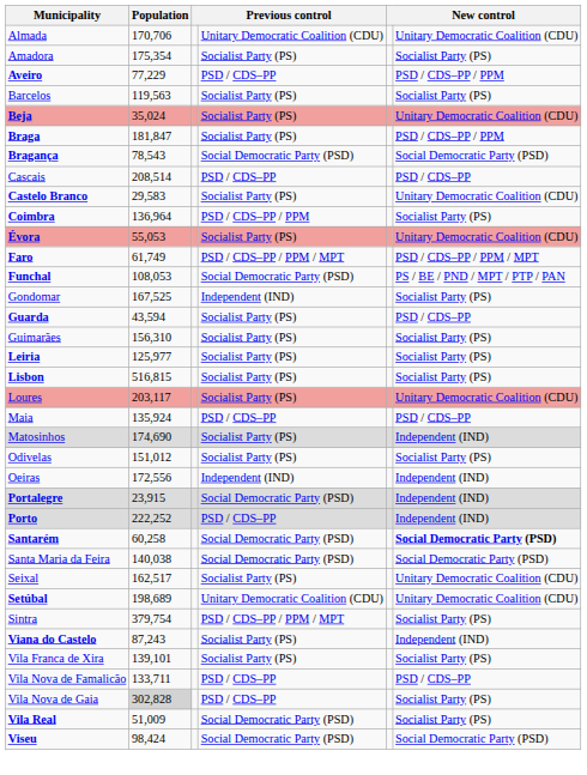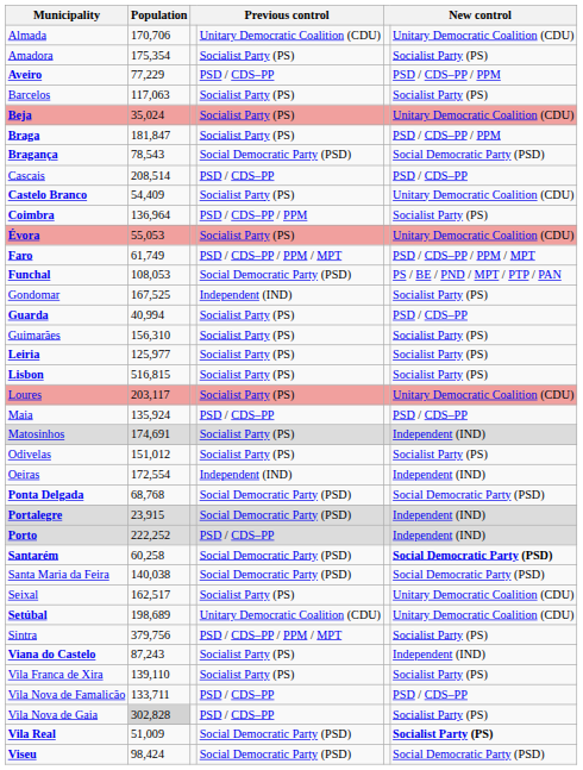 <table class="wikitable sortable" style="font-size:95%;">
 <tr>
 <th>Municipality</th>
 <th>Population</th>
 <th colspan="2" style="width:200px;">Previous control</th>
 <th colspan="2" style="width:200px;">New control</th>
 </tr>
 <tr>
 <td><a href='#'>Almada</a></td>
 <td>170,706</td>
 <td width="1" style="color:inherit;background:"></td>
 <td><a href='#'>Unitary Democratic Coalition</a> (CDU)</td>
 <td width="1" style="color:inherit;background:"></td>
 <td><a href='#'>Unitary Democratic Coalition</a> (CDU)</td>
 </tr>
 <tr>
 <td><a href='#'>Amadora</a></td>
 <td>175,354</td>
 <td width="1" style="color:inherit;background:"></td>
 <td><a href='#'>Socialist Party</a> (PS)</td>
 <td width="1" style="color:inherit;background:"></td>
 <td><a href='#'>Socialist Party</a> (PS)</td>
 </tr>
 <tr>
 <td><a href='#'><strong>Aveiro</strong></a></td>
 <td>77,229</td>
 <td width="1" style="color:inherit;background:"></td>
 <td><a href='#'>PSD</a> / <a href='#'>CDS–PP</a></td>
 <td width="1" style="color:inherit;background:"></td>
 <td><a href='#'>PSD</a> / <a href='#'>CDS–PP</a> / <a href='#'>PPM</a></td>
 </tr>
 <tr>
 <td><a href='#'>Barcelos</a></td>
-<td>119,563</td>
+<td>117,063</td>
 <td width="1" style="color:inherit;background:"></td>
 <td><a href='#'>Socialist Party</a> (PS)</td>
 <td width="1" style="color:inherit;background:"></td>
 <td><a href='#'>Socialist Party</a> (PS)</td>
 </tr>
 <tr style="background-color:#F1A09E">
 <td><a href='#'><strong>Beja</strong></a></td>
 <td>35,024</td>
 <td width="1" style="color:inherit;background:"></td>
 <td><a href='#'>Socialist Party</a> (PS)</td>
 <td width="1" style="color:inherit;background:"></td>
 <td><a href='#'>Unitary Democratic Coalition</a> (CDU)</td>
 </tr>
 <tr>
 <td><strong><a href='#'>Braga</a></strong></td>
 <td>181,847</td>
 <td width="1" style="color:inherit;background:"></td>
 <td><a href='#'>Socialist Party</a> (PS)</td>
 <td width="1" style="color:inherit;background:"></td>
 <td><a href='#'>PSD</a> / <a href='#'>CDS–PP</a> / <a href='#'>PPM</a></td>
 </tr>
 <tr>
 <td><a href='#'><strong>Bragança</strong></a></td>
 <td>78,543</td>
 <td width="1" style="color:inherit;background:"></td>
 <td><a href='#'>Social Democratic Party</a> (PSD)</td>
 <td width="1" style="color:inherit;background:"></td>
 <td><a href='#'>Social Democratic Party</a> (PSD)</td>
 </tr>
 <tr>
 <td><a href='#'>Cascais</a></td>
 <td>208,514</td>
 <td width="1" style="color:inherit;background:"></td>
 <td><a href='#'>PSD</a> / <a href='#'>CDS–PP</a></td>
 <td width="1" style="color:inherit;background:"></td>
 <td><a href='#'>PSD</a> / <a href='#'>CDS–PP</a></td>
 </tr>
 <tr>
 <td><a href='#'><strong>Castelo Branco</strong></a></td>
-<td>29,583</td>
+<td>54,409</td>
 <td width="1" style="color:inherit;background:"></td>
 <td><a href='#'>Socialist Party</a> (PS)</td>
 <td width="1" style="color:inherit;background:"></td>
 <td><a href='#'>Unitary Democratic Coalition</a> (CDU)</td>
 </tr>
 <tr>
 <td><strong><a href='#'>Coimbra</a></strong></td>
 <td>136,964</td>
 <td width="1" style="color:inherit;background:"></td>
 <td><a href='#'>PSD</a> / <a href='#'>CDS–PP</a> / <a href='#'>PPM</a></td>
 <td width="1" style="color:inherit;background:"></td>
 <td><a href='#'>Socialist Party</a> (PS)</td>
 </tr>
 <tr style="background-color:#F1A09E">
 <td><strong><a href='#'>Évora</a></strong></td>
 <td>55,053</td>
 <td width="1" style="color:inherit;background:"></td>
 <td><a href='#'>Socialist Party</a> (PS)</td>
 <td width="1" style="color:inherit;background:"></td>
 <td><a href='#'>Unitary Democratic Coalition</a> (CDU)</td>
 </tr>
 <tr>
 <td><a href='#'><strong>Faro</strong></a></td>
 <td>61,749</td>
 <td width="1" style="color:inherit;background:"></td>
 <td><a href='#'>PSD</a> / <a href='#'>CDS–PP</a> / <a href='#'>PPM</a> / <a href='#'>MPT</a></td>
 <td width="1" style="color:inherit;background:"></td>
 <td><a href='#'>PSD</a> / <a href='#'>CDS–PP</a> / <a href='#'>PPM</a> / <a href='#'>MPT</a></td>
 </tr>
 <tr>
 <td><strong><a href='#'>Funchal</a></strong></td>
 <td>108,053</td>
 <td width="1" style="color:inherit;background:"></td>
 <td><a href='#'>Social Democratic Party</a> (PSD)</td>
 <td width="1" style="color:inherit;background:"></td>
 <td><a href='#'>PS</a> / <a href='#'>BE</a> / <a href='#'>PND</a> / <a href='#'>MPT</a> / <a href='#'>PTP</a> / <a href='#'>PAN</a></td>
 </tr>
 <tr>
 <td><a href='#'>Gondomar</a></td>
 <td>167,525</td>
 <td width="1" style="color:inherit;background:"></td>
 <td><a href='#'>Independent</a> (IND)</td>
 <td width="1" style="color:inherit;background:"></td>
 <td><a href='#'>Socialist Party</a> (PS)</td>
 </tr>
 <tr>
 <td><a href='#'><strong>Guarda</strong></a></td>
-<td>43,594</td>
+<td>40,994</td>
 <td width="1" style="color:inherit;background:"></td>
 <td><a href='#'>Socialist Party</a> (PS)</td>
 <td width="1" style="color:inherit;background:"></td>
 <td><a href='#'>PSD</a> / <a href='#'>CDS–PP</a></td>
 </tr>
 <tr>
 <td><a href='#'>Guimarães</a></td>
 <td>156,310</td>
 <td width="1" style="color:inherit;background:"></td>
 <td><a href='#'>Socialist Party</a> (PS)</td>
 <td width="1" style="color:inherit;background:"></td>
 <td><a href='#'>Socialist Party</a> (PS)</td>
 </tr>
 <tr>
 <td><strong><a href='#'>Leiria</a></strong></td>
 <td>125,977</td>
 <td width="1" style="color:inherit;background:"></td>
 <td><a href='#'>Socialist Party</a> (PS)</td>
 <td width="1" style="color:inherit;background:"></td>
 <td><a href='#'>Socialist Party</a> (PS)</td>
 </tr>
 <tr>
 <td><a href='#'><strong>Lisbon</strong></a></td>
 <td>516,815</td>
 <td width="1" style="color:inherit;background:"></td>
 <td><a href='#'>Socialist Party</a> (PS)</td>
 <td width="1" style="color:inherit;background:"></td>
 <td><a href='#'>Socialist Party</a> (PS)</td>
 </tr>
 <tr style="background-color:#F1A09E">
 <td><a href='#'>Loures</a></td>
 <td>203,117</td>
 <td width="1" style="color:inherit;background:"></td>
 <td><a href='#'>Socialist Party</a> (PS)</td>
 <td width="1" style="color:inherit;background:"></td>
 <td><a href='#'>Unitary Democratic Coalition</a> (CDU)</td>
 </tr>
 <tr>
 <td><a href='#'>Maia</a></td>
 <td>135,924</td>
 <td width="1" style="color:inherit;background:"></td>
 <td><a href='#'>PSD</a> / <a href='#'>CDS–PP</a></td>
 <td width="1" style="color:inherit;background:"></td>
 <td><a href='#'>PSD</a> / <a href='#'>CDS–PP</a></td>
 </tr>
 <tr style="background-color:#DCDCDC">
 <td><a href='#'>Matosinhos</a></td>
-<td>174,690</td>
+<td>174,691</td>
 <td width="1" style="color:inherit;background:"></td>
 <td><a href='#'>Socialist Party</a> (PS)</td>
 <td width="1" style="color:inherit;background:"></td>
 <td><a href='#'>Independent</a> (IND)</td>
 </tr>
 <tr>
 <td><a href='#'>Odivelas</a></td>
 <td>151,012</td>
 <td width="1" style="color:inherit;background:"></td>
 <td><a href='#'>Socialist Party</a> (PS)</td>
 <td width="1" style="color:inherit;background:"></td>
 <td><a href='#'>Socialist Party</a> (PS)</td>
 </tr>
 <tr>
 <td><a href='#'>Oeiras</a></td>
-<td>172,556</td>
+<td>172,554</td>
 <td width="1" style="color:inherit;background:"></td>
 <td><a href='#'>Independent</a> (IND)</td>
 <td width="1" style="color:inherit;background:"></td>
 <td><a href='#'>Independent</a> (IND)</td>
+</tr>
+<tr>
+<td><strong><a href='#'>Ponta Delgada</a></strong></td>
+<td>68,768</td>
+<td width="1" style="color:inherit;background:"></td>
+<td><a href='#'>Social Democratic Party</a> (PSD)</td>
+<td width="1" style="color:inherit;background:"></td>
+<td><a href='#'>Social Democratic Party</a> (PSD)</td>
 </tr>
 <tr style="background-color:#DCDCDC">
 <td><a href='#'><strong>Portalegre</strong></a></td>
 <td>23,915</td>
 <td width="1" style="color:inherit;background:"></td>
 <td><a href='#'>Social Democratic Party</a> (PSD)</td>
 <td width="1" style="color:inherit;background:"></td>
 <td><a href='#'>Independent</a> (IND)</td>
 </tr>
 <tr style="background-color:#DCDCDC">
 <td><strong><a href='#'>Porto</a></strong></td>
 <td>222,252</td>
 <td width="1" style="color:inherit;background:"></td>
 <td><a href='#'>PSD</a> / <a href='#'>CDS–PP</a></td>
 <td width="1" style="color:inherit;background:"></td>
 <td><a href='#'>Independent</a> (IND)</td>
 </tr>
 <tr>
 <td><a href='#'><strong>Santarém</strong></a></td>
 <td>60,258</td>
 <td width="1" style="color:inherit;background:"></td>
 <td><a href='#'>Social Democratic Party</a> (PSD)</td>
 <td width="1" style="color:inherit;background:"></td>
 <td><strong><a href='#'>Social Democratic Party</a> (PSD)</strong></td>
 </tr>
 <tr>
 <td><a href='#'>Santa Maria da Feira</a></td>
 <td>140,038</td>
 <td width="1" style="color:inherit;background:"></td>
 <td><a href='#'>Social Democratic Party</a> (PSD)</td>
 <td width="1" style="color:inherit;background:"></td>
 <td><a href='#'>Social Democratic Party</a> (PSD)</td>
 </tr>
 <tr>
 <td><a href='#'>Seixal</a></td>
 <td>162,517</td>
 <td width="1" style="color:inherit;background:"></td>
 <td><a href='#'>Socialist Party</a> (PS)</td>
 <td width="1" style="color:inherit;background:"></td>
 <td><a href='#'>Unitary Democratic Coalition</a> (CDU)</td>
 </tr>
 <tr>
 <td><strong><a href='#'>Setúbal</a></strong></td>
 <td>198,689</td>
 <td width="1" style="color:inherit;background:"></td>
 <td><a href='#'>Unitary Democratic Coalition</a> (CDU)</td>
 <td width="1" style="color:inherit;background:"></td>
 <td><a href='#'>Unitary Democratic Coalition</a> (CDU)</td>
 </tr>
 <tr>
 <td><a href='#'>Sintra</a></td>
-<td>379,754</td>
+<td>379,756</td>
 <td width="1" style="color:inherit;background:"></td>
 <td><a href='#'>PSD</a> / <a href='#'>CDS–PP</a> / <a href='#'>PPM</a> / <a href='#'>MPT</a></td>
 <td width="1" style="color:inherit;background:"></td>
 <td><a href='#'>Socialist Party</a> (PS)</td>
 </tr>
 <tr>
 <td><strong><a href='#'>Viana do Castelo</a></strong></td>
 <td>87,243</td>
 <td width="1" style="color:inherit;background:"></td>
 <td><a href='#'>Socialist Party</a> (PS)</td>
 <td width="1" style="color:inherit;background:"></td>
 <td><a href='#'>Independent</a> (IND)</td>
 </tr>
 <tr>
 <td><a href='#'>Vila Franca de Xira</a></td>
-<td>139,101</td>
+<td>139,110</td>
 <td width="1" style="color:inherit;background:"></td>
 <td><a href='#'>Socialist Party</a> (PS)</td>
 <td width="1" style="color:inherit;background:"></td>
 <td><a href='#'>Socialist Party</a> (PS)</td>
 </tr>
 <tr>
 <td><a href='#'>Vila Nova de Famalicão</a></td>
 <td>133,711</td>
 <td width="1" style="color:inherit;background:"></td>
 <td><a href='#'>PSD</a> / <a href='#'>CDS–PP</a></td>
 <td width="1" style="color:inherit;background:"></td>
 <td><a href='#'>PSD</a> / <a href='#'>CDS–PP</a></td>
 </tr>
 <tr>
 <td><a href='#'>Vila Nova de Gaia</a></td>
 <td style="background: lightgrey;">302,828</td>
 <td width="1" style="color:inherit;background:"></td>
 <td><a href='#'>PSD</a> / <a href='#'>CDS–PP</a></td>
 <td width="1" style="color:inherit;background:"></td>
 <td><a href='#'>Socialist Party</a> (PS)</td>
 </tr>
 <tr>
 <td><strong><a href='#'>Vila Real</a></strong></td>
 <td>51,009</td>
 <td width="1" style="color:inherit;background:"></td>
 <td><a href='#'>Social Democratic Party</a> (PSD)</td>
 <td width="1" style="color:inherit;background:"></td>
-<td><a href='#'>Socialist Party</a> (PS)</td>
+<td><strong><a href='#'>Socialist Party</a> (PS)</strong></td>
 </tr>
 <tr>
 <td><strong><a href='#'>Viseu</a></strong></td>
 <td>98,424</td>
 <td width="1" style="color:inherit;background:"></td>
 <td><a href='#'>Social Democratic Party</a> (PSD)</td>
 <td width="1" style="color:inherit;background:"></td>
 <td><a href='#'>Social Democratic Party</a> (PSD)</td>
 </tr>
 </table>
